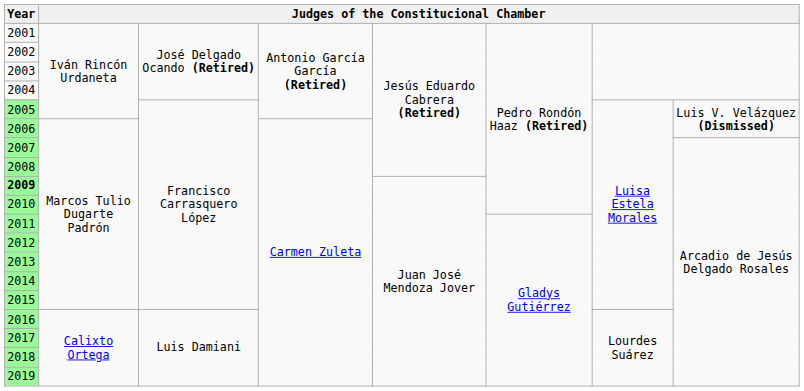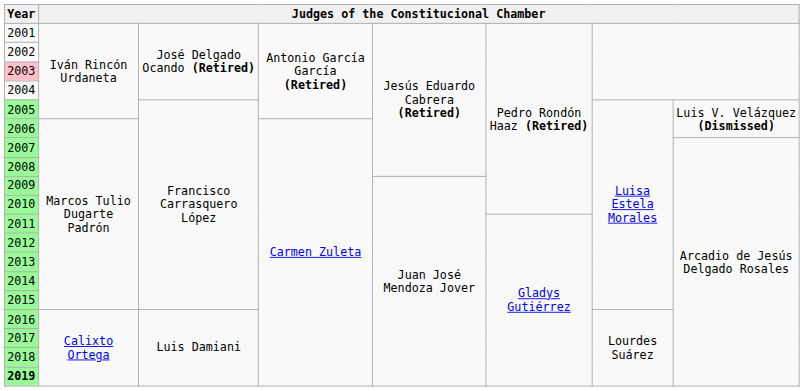 <table class="wikitable" style="margin:1em auto; text-align:center">
 <tr style="text-align:center; background:#f0f0f0;">
 <td><strong>Year</strong></td>
 <td colspan="7"><strong>Judges of the Constitucional Chamber</strong></td>
 </tr>
 <tr>
 <td>2001</td>
 <td rowspan="5">Iván Rincón Urdaneta</td>
 <td rowspan="4">José Delgado Ocando <strong>(Retired)</strong></td>
 <td rowspan="5">Antonio García García <strong>(Retired)</strong></td>
 <td rowspan="8">Jesús Eduardo Cabrera <strong>(Retired)</strong></td>
 <td rowspan="10">Pedro Rondón Haaz <strong>(Retired)</strong></td>
 <td colspan="2" rowspan="4"></td>
 </tr>
 <tr>
 <td>2002</td>
 </tr>
 <tr>
-<td>2003</td>
+<td style="background: pink;">2003</td>
 </tr>
 <tr>
 <td>2004</td>
 </tr>
 <tr>
 <td style="background:#98fb98; text-align:center;">2005</td>
 <td rowspan="11">Francisco Carrasquero López</td>
 <td rowspan="11"><a href='#'>Luisa Estela Morales</a></td>
 <td rowspan="2">Luis V. Velázquez <strong>(Dismissed)</strong></td>
 </tr>
 <tr>
 <td style="background:#98fb98; text-align:center;">2006</td>
 <td rowspan="10">Marcos Tulio Dugarte Padrón</td>
 <td rowspan="14"><a href='#'>Carmen Zuleta</a></td>
 </tr>
 <tr>
 <td style="background:#98fb98; text-align:center;">2007</td>
 <td rowspan="13">Arcadio de Jesús Delgado Rosales</td>
 </tr>
 <tr>
 <td style="background:#98fb98; text-align:center;">2008</td>
 </tr>
 <tr>
-<td style="background:#98fb98; text-align:center;"><strong>2009</strong></td>
+<td style="background:#98fb98; text-align:center;">2009</td>
 <td rowspan="11">Juan José Mendoza Jover</td>
 </tr>
 <tr>
 <td style="background:#98fb98; text-align:center;">2010</td>
 </tr>
 <tr>
 <td style="background:#98fb98; text-align:center;">2011</td>
 <td rowspan="9"><a href='#'>Gladys Gutiérrez</a></td>
 </tr>
 <tr>
 <td style="background:#98fb98; text-align:center;">2012</td>
 </tr>
 <tr>
 <td style="background:#98fb98; text-align:center;">2013</td>
 </tr>
 <tr>
 <td style="background:#98fb98; text-align:center;">2014</td>
 </tr>
 <tr>
 <td style="background:#98fb98; text-align:center;">2015</td>
 </tr>
 <tr>
 <td style="background:#98fb98; text-align:center;">2016</td>
 <td rowspan="4"><a href='#'>Calixto Ortega</a></td>
 <td rowspan="4">Luis Damiani</td>
 <td rowspan="4">Lourdes Suárez</td>
 </tr>
 <tr>
 <td style="background:#98fb98; text-align:center;">2017</td>
 </tr>
 <tr>
 <td style="background:#98fb98; text-align:center;">2018</td>
 </tr>
 <tr>
-<td style="background:#98fb98; text-align:center;">2019</td>
+<td style="background:#98fb98; text-align:center;"><strong>2019</strong></td>
 </tr>
 </table>
